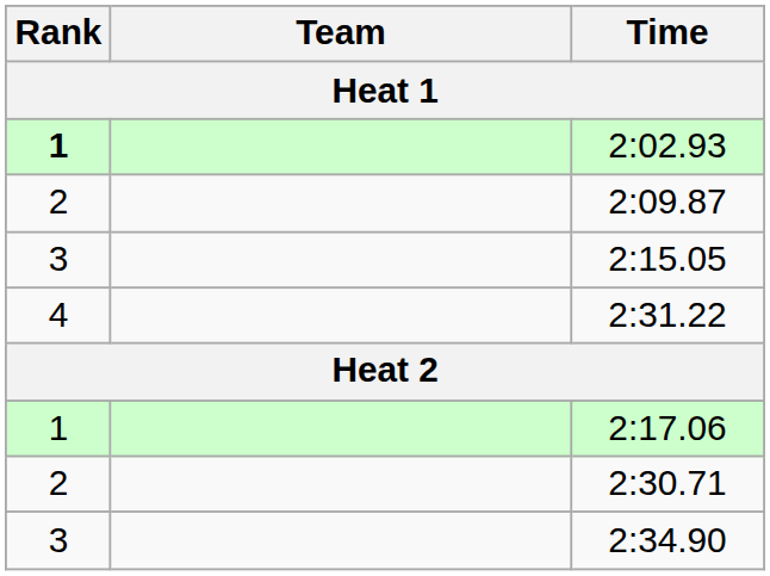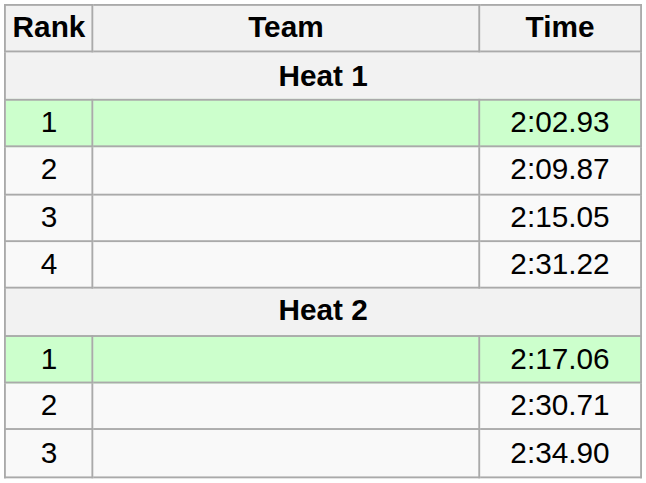 <table class=wikitable style="text-align:center">
 <tr>
 <th width=40>Rank</th>
 <th width=200>Team</th>
 <th width=80>Time</th>
 </tr>
 <tr>
 <th colspan=3>Heat 1</th>
 </tr>
 <tr bgcolor="#ccffcc">
-<td><strong>1</strong></td>
+<td>1</td>
 <td align=left></td>
 <td>2:02.93</td>
 </tr>
 <tr>
 <td>2</td>
 <td align=left></td>
 <td>2:09.87</td>
 </tr>
 <tr>
 <td>3</td>
 <td align=left></td>
 <td>2:15.05</td>
 </tr>
 <tr>
 <td>4</td>
 <td align=left></td>
 <td>2:31.22</td>
 </tr>
 <tr>
 <th colspan=3>Heat 2</th>
 </tr>
 <tr bgcolor="#ccffcc">
 <td>1</td>
 <td align=left></td>
 <td>2:17.06</td>
 </tr>
 <tr>
 <td>2</td>
 <td align=left></td>
 <td>2:30.71</td>
 </tr>
 <tr>
 <td>3</td>
 <td align=left></td>
 <td>2:34.90</td>
 </tr>
 </table>
